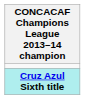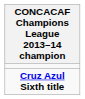 <table class="wikitable" style="text-align: center; margin: 0 auto; width: 20%">
 <tr>
 <th>CONCACAF Champions League<br>2013–14 champion</th>
 </tr>
 <tr>
 <td></td>
 </tr>
 <tr>
-<td style="background: paleturquoise;"><strong><a href='#'>Cruz Azul</a></strong><br><strong>Sixth title</strong></td>
+<td><strong><a href='#'>Cruz Azul</a></strong><br><strong>Sixth title</strong></td>
 </tr>
 </table>
